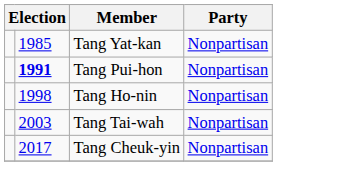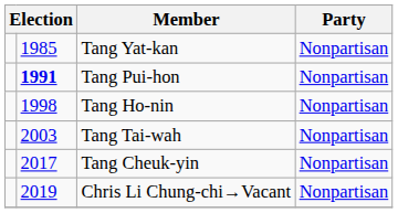 <table class="wikitable">
 <tr>
 <th colspan="2">Election</th>
 <th>Member</th>
 <th>Party</th>
 </tr>
 <tr>
 <td style="color:inherit;background:"></td>
 <td><a href='#'>1985</a></td>
 <td>Tang Yat-kan</td>
 <td><a href='#'>Nonpartisan</a></td>
 </tr>
 <tr>
 <td style="color:inherit;background:"></td>
 <td><strong><a href='#'>1991</a></strong></td>
 <td>Tang Pui-hon</td>
 <td><a href='#'>Nonpartisan</a></td>
 </tr>
 <tr>
 <td style="color:inherit;background:"></td>
 <td><a href='#'>1998</a></td>
 <td>Tang Ho-nin</td>
 <td><a href='#'>Nonpartisan</a></td>
 </tr>
 <tr>
 <td style="color:inherit;background:"></td>
 <td><a href='#'>2003</a></td>
 <td>Tang Tai-wah</td>
 <td><a href='#'>Nonpartisan</a></td>
 </tr>
 <tr>
 <td style="color:inherit;background:"></td>
 <td><a href='#'>2017</a></td>
 <td>Tang Cheuk-yin</td>
 <td><a href='#'>Nonpartisan</a></td>
 </tr>
 <tr>
+<td style="color:inherit;background:"></td>
+<td><a href='#'>2019</a></td>
+<td>Chris Li Chung-chi→Vacant</td>
+<td><a href='#'>Nonpartisan</a></td>
+</tr>
+<tr>
 </tr>
 </table>
